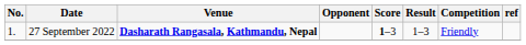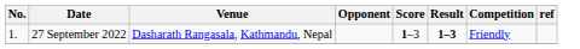 <table class="wikitable" style="font-size:100%;">
 <tr>
 <th>No.</th>
 <th>Date</th>
 <th>Venue</th>
 <th>Opponent</th>
 <th>Score</th>
 <th>Result</th>
 <th>Competition</th>
 <th>ref</th>
 </tr>
 <tr>
 <td>1.</td>
 <td>27 September 2022</td>
-<td><strong><a href='#'>Dasharath Rangasala</a>, <a href='#'>Kathmandu</a>, Nepal</strong></td>
+<td><a href='#'>Dasharath Rangasala</a>, <a href='#'>Kathmandu</a>, Nepal</td>
 <td></td>
 <td align=center><strong>1</strong>–3</td>
-<td align=center>1–3</td>
+<td align=center><strong>1–3</strong></td>
 <td><a href='#'>Friendly</a></td>
 <td></td>
 </tr>
 <tr>
 </tr>
 </table>
